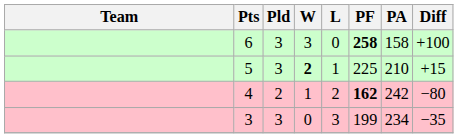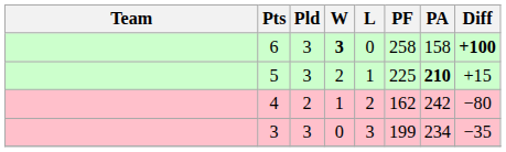 <table class=wikitable style="text-align:center">
 <tr>
 <th width=220>Team</th>
 <th width=20>Pts</th>
 <th width=20>Pld</th>
 <th width=20>W</th>
 <th width=20>L</th>
 <th width=20>PF</th>
 <th width=20>PA</th>
 <th width=20>Diff</th>
 </tr>
 <tr bgcolor=ccffcc>
 <td align=left></td>
 <td>6</td>
 <td>3</td>
-<td>3</td>
+<td><strong>3</strong></td>
 <td>0</td>
-<td><strong>258</strong></td>
+<td>258</td>
 <td>158</td>
-<td>+100</td>
+<td><strong>+100</strong></td>
 </tr>
 <tr bgcolor=ccffcc>
 <td align=left></td>
 <td>5</td>
 <td>3</td>
-<td><strong>2</strong></td>
+<td>2</td>
 <td>1</td>
 <td>225</td>
-<td>210</td>
+<td><strong>210</strong></td>
 <td>+15</td>
 </tr>
 <tr bgcolor=pink>
 <td align=left></td>
 <td>4</td>
 <td>2</td>
 <td>1</td>
 <td>2</td>
-<td><strong>162</strong></td>
+<td>162</td>
 <td>242</td>
 <td>−80</td>
 </tr>
 <tr bgcolor=pink>
 <td align=left></td>
 <td>3</td>
 <td>3</td>
 <td>0</td>
 <td>3</td>
 <td>199</td>
 <td>234</td>
 <td>−35</td>
 </tr>
 <tr>
 </tr>
 </table>
